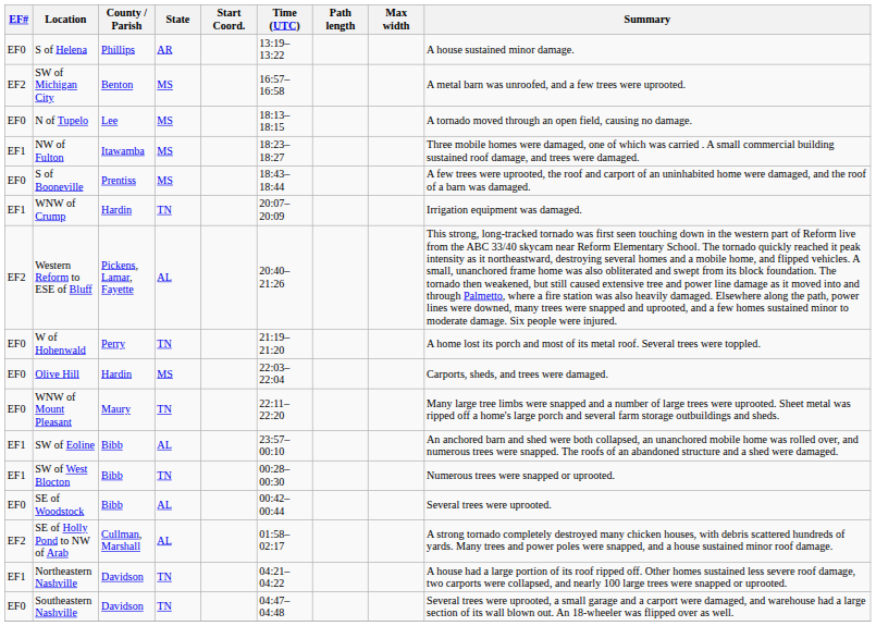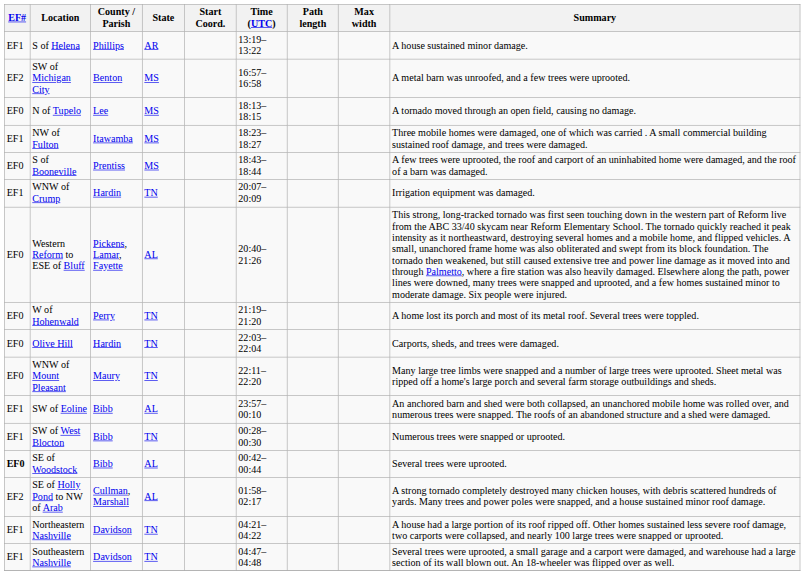 <table class="wikitable sortable" style="width:100%;">
 <tr>
 <th scope="col"  style="width:3%; text-align:center;"><a href='#'>EF#</a></th>
 <th scope="col"  style="width:7%; text-align:center;" class="unsortable">Location</th>
 <th scope="col"  style="width:6%; text-align:center;" class="unsortable">County / Parish</th>
 <th scope="col"  style="width:5%; text-align:center;">State</th>
 <th scope="col"  style="width:6%; text-align:center;">Start Coord.</th>
 <th scope="col"  style="width:6%; text-align:center;">Time (<a href='#'>UTC</a>)</th>
 <th scope="col"  style="width:6%; text-align:center;">Path length</th>
 <th scope="col"  style="width:6%; text-align:center;">Max width</th>
 <th scope="col" class="unsortable" style="width:48%; text-align:center;">Summary</th>
 </tr>
 <tr>
-<td>EF0</td>
+<td>EF1</td>
 <td>S of <a href='#'>Helena</a></td>
 <td><a href='#'>Phillips</a></td>
 <td><a href='#'>AR</a></td>
 <td></td>
 <td>13:19–13:22</td>
 <td></td>
 <td></td>
 <td>A house sustained minor damage.</td>
 </tr>
 <tr>
 <td>EF2</td>
 <td>SW of <a href='#'>Michigan City</a></td>
 <td><a href='#'>Benton</a></td>
 <td><a href='#'>MS</a></td>
 <td></td>
 <td>16:57–16:58</td>
 <td></td>
 <td></td>
 <td>A metal barn was unroofed, and a few trees were uprooted.</td>
 </tr>
 <tr>
 <td>EF0</td>
 <td>N of <a href='#'>Tupelo</a></td>
 <td><a href='#'>Lee</a></td>
 <td><a href='#'>MS</a></td>
 <td></td>
 <td>18:13–18:15</td>
 <td></td>
 <td></td>
 <td>A tornado moved through an open field, causing no damage.</td>
 </tr>
 <tr>
 <td>EF1</td>
 <td>NW of <a href='#'>Fulton</a></td>
 <td><a href='#'>Itawamba</a></td>
 <td><a href='#'>MS</a></td>
 <td></td>
 <td>18:23–18:27</td>
 <td></td>
 <td></td>
 <td>Three mobile homes were damaged, one of which was carried . A small commercial building sustained roof damage, and trees were damaged.</td>
 </tr>
 <tr>
 <td>EF0</td>
 <td>S of <a href='#'>Booneville</a></td>
 <td><a href='#'>Prentiss</a></td>
 <td><a href='#'>MS</a></td>
 <td></td>
 <td>18:43–18:44</td>
 <td></td>
 <td></td>
 <td>A few trees were uprooted, the roof and carport of an uninhabited home were damaged, and the roof of a barn was damaged.</td>
 </tr>
 <tr>
 <td>EF1</td>
 <td>WNW of <a href='#'>Crump</a></td>
 <td><a href='#'>Hardin</a></td>
 <td><a href='#'>TN</a></td>
 <td></td>
 <td>20:07–20:09</td>
 <td></td>
 <td></td>
 <td>Irrigation equipment was damaged.</td>
 </tr>
 <tr>
-<td>EF2</td>
+<td>EF0</td>
 <td>Western <a href='#'>Reform</a> to ESE of <a href='#'>Bluff</a></td>
 <td><a href='#'>Pickens</a>, <a href='#'>Lamar</a>, <a href='#'>Fayette</a></td>
 <td><a href='#'>AL</a></td>
 <td></td>
 <td>20:40–21:26</td>
 <td></td>
 <td></td>
 <td>This strong, long-tracked tornado was first seen touching down in the western part of Reform live from the ABC 33/40 skycam near Reform Elementary School. The tornado quickly reached it peak intensity as it northeastward, destroying several homes and a mobile home, and flipped vehicles. A small, unanchored frame home was also obliterated and swept from its block foundation. The tornado then weakened, but still caused extensive tree and power line damage as it moved into and through <a href='#'>Palmetto</a>, where a fire station was also heavily damaged. Elsewhere along the path, power lines were downed, many trees were snapped and uprooted, and a few homes sustained minor to moderate damage. Six people were injured.</td>
 </tr>
 <tr>
 <td>EF0</td>
 <td>W of <a href='#'>Hohenwald</a></td>
 <td><a href='#'>Perry</a></td>
 <td><a href='#'>TN</a></td>
 <td></td>
 <td>21:19–21:20</td>
 <td></td>
 <td></td>
 <td>A home lost its porch and most of its metal roof. Several trees were toppled.</td>
 </tr>
 <tr>
 <td>EF0</td>
 <td><a href='#'>Olive Hill</a></td>
 <td><a href='#'>Hardin</a></td>
-<td><a href='#'>MS</a></td>
+<td><a href='#'>TN</a></td>
 <td></td>
 <td>22:03–22:04</td>
 <td></td>
 <td></td>
 <td>Carports, sheds, and trees were damaged.</td>
 </tr>
 <tr>
 <td>EF0</td>
 <td>WNW of <a href='#'>Mount Pleasant</a></td>
 <td><a href='#'>Maury</a></td>
 <td><a href='#'>TN</a></td>
 <td></td>
 <td>22:11–22:20</td>
 <td></td>
 <td></td>
 <td>Many large tree limbs were snapped and a number of large trees were uprooted. Sheet metal was ripped off a home's large porch and several farm storage outbuildings and sheds.</td>
 </tr>
 <tr>
 <td>EF1</td>
 <td>SW of <a href='#'>Eoline</a></td>
 <td><a href='#'>Bibb</a></td>
 <td><a href='#'>AL</a></td>
 <td></td>
 <td>23:57–00:10</td>
 <td></td>
 <td></td>
 <td>An anchored barn and shed were both collapsed, an unanchored mobile home was rolled over, and numerous trees were snapped. The roofs of an abandoned structure and a shed were damaged.</td>
 </tr>
 <tr>
 <td>EF1</td>
 <td>SW of <a href='#'>West Blocton</a></td>
 <td><a href='#'>Bibb</a></td>
 <td><a href='#'>TN</a></td>
 <td></td>
 <td>00:28–00:30</td>
 <td></td>
 <td></td>
 <td>Numerous trees were snapped or uprooted.</td>
 </tr>
 <tr>
-<td>EF0</td>
+<td><strong>EF0</strong></td>
 <td>SE of <a href='#'>Woodstock</a></td>
 <td><a href='#'>Bibb</a></td>
 <td><a href='#'>AL</a></td>
 <td></td>
 <td>00:42–00:44</td>
 <td></td>
 <td></td>
 <td>Several trees were uprooted.</td>
 </tr>
 <tr>
 <td>EF2</td>
 <td>SE of <a href='#'>Holly Pond</a> to NW of <a href='#'>Arab</a></td>
 <td><a href='#'>Cullman</a>, <a href='#'>Marshall</a></td>
 <td><a href='#'>AL</a></td>
 <td></td>
 <td>01:58–02:17</td>
 <td></td>
 <td></td>
 <td>A strong tornado completely destroyed many chicken houses, with debris scattered hundreds of yards. Many trees and power poles were snapped, and a house sustained minor roof damage.</td>
 </tr>
 <tr>
 <td>EF1</td>
 <td>Northeastern <a href='#'>Nashville</a></td>
 <td><a href='#'>Davidson</a></td>
 <td><a href='#'>TN</a></td>
 <td></td>
 <td>04:21–04:22</td>
 <td></td>
 <td></td>
 <td>A house had a large portion of its roof ripped off. Other homes sustained less severe roof damage, two carports were collapsed, and nearly 100 large trees were snapped or uprooted.</td>
 </tr>
 <tr>
-<td>EF0</td>
+<td>EF1</td>
 <td>Southeastern <a href='#'>Nashville</a></td>
 <td><a href='#'>Davidson</a></td>
 <td><a href='#'>TN</a></td>
 <td></td>
 <td>04:47–04:48</td>
 <td></td>
 <td></td>
 <td>Several trees were uprooted, a small garage and a carport were damaged, and warehouse had a large section of its wall blown out. An 18-wheeler was flipped over as well.</td>
 </tr>
 <tr>
 </tr>
 </table>
